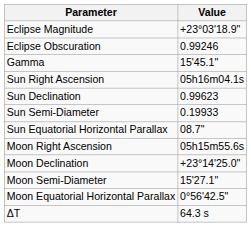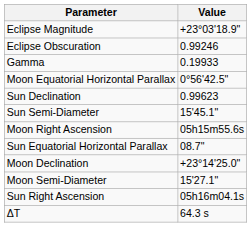 <table class="wikitable">
 <tr>
 <th>Parameter</th>
 <th>Value</th>
 </tr>
 <tr>
 <td>Eclipse Magnitude</td>
 <td>+23°03'18.9"</td>
 </tr>
 <tr>
 <td>Eclipse Obscuration</td>
 <td>0.99246</td>
 </tr>
 <tr>
 <td>Gamma</td>
-<td>15'45.1"</td>
+<td>0.19933</td>
 </tr>
 <tr>
-<td>Sun Right Ascension</td>
-<td>05h16m04.1s</td>
+<td>Moon Equatorial Horizontal Parallax</td>
+<td>0°56'42.5"</td>
 </tr>
 <tr>
 <td>Sun Declination</td>
 <td>0.99623</td>
 </tr>
 <tr>
 <td>Sun Semi-Diameter</td>
-<td>0.19933</td>
+<td>15'45.1"</td>
+</tr>
+<tr>
+<td>Moon Right Ascension</td>
+<td>05h15m55.6s</td>
 </tr>
 <tr>
 <td>Sun Equatorial Horizontal Parallax</td>
 <td>08.7"</td>
-</tr>
-<tr>
-<td>Moon Right Ascension</td>
-<td>05h15m55.6s</td>
 </tr>
 <tr>
 <td>Moon Declination</td>
 <td>+23°14'25.0"</td>
 </tr>
 <tr>
 <td>Moon Semi-Diameter</td>
 <td>15'27.1"</td>
 </tr>
 <tr>
-<td>Moon Equatorial Horizontal Parallax</td>
-<td>0°56'42.5"</td>
+<td>Sun Right Ascension</td>
+<td>05h16m04.1s</td>
 </tr>
 <tr>
 <td>ΔT</td>
 <td>64.3 s</td>
 </tr>
 </table>
